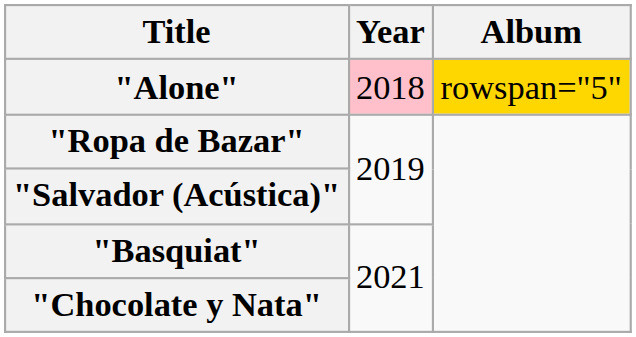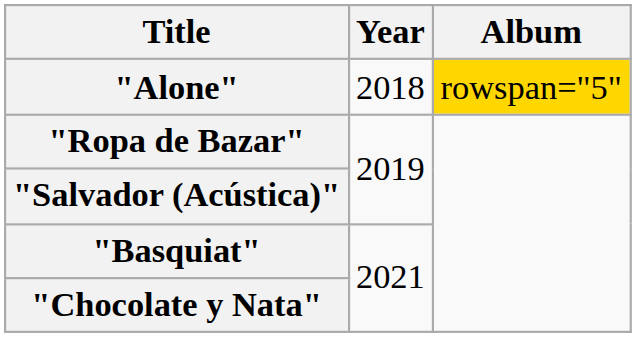 <table class="wikitable plainrowheaders" style="text-align:center;">
 <tr>
 <th scope="col">Title</th>
 <th scope="col">Year</th>
 <th scope="col">Album</th>
 </tr>
 <tr>
 <th scope="row">"Alone"<br></th>
-<td style="background: pink;">2018</td>
+<td>2018</td>
 <td style="background: gold;">rowspan="5" </td>
 </tr>
 <tr>
 <th scope="row">"Ropa de Bazar"<br></th>
 <td rowspan="2">2019</td>
 </tr>
 <tr>
 <th scope="row">"Salvador (Acústica)"<br></th>
 </tr>
 <tr>
 <th scope="row">"Basquiat"<br></th>
 <td rowspan="2">2021</td>
 </tr>
 <tr>
 <th scope="row">"Chocolate y Nata"<br></th>
 </tr>
 </table>
